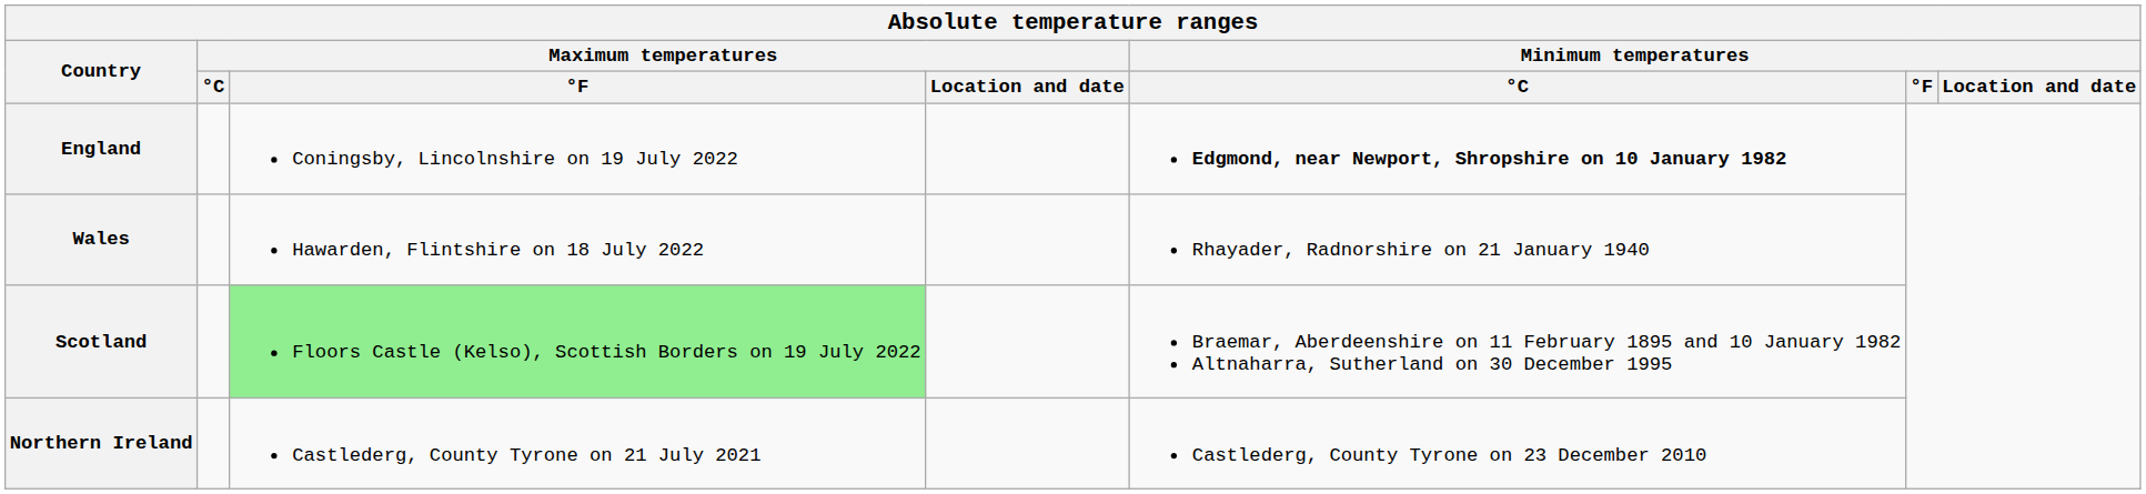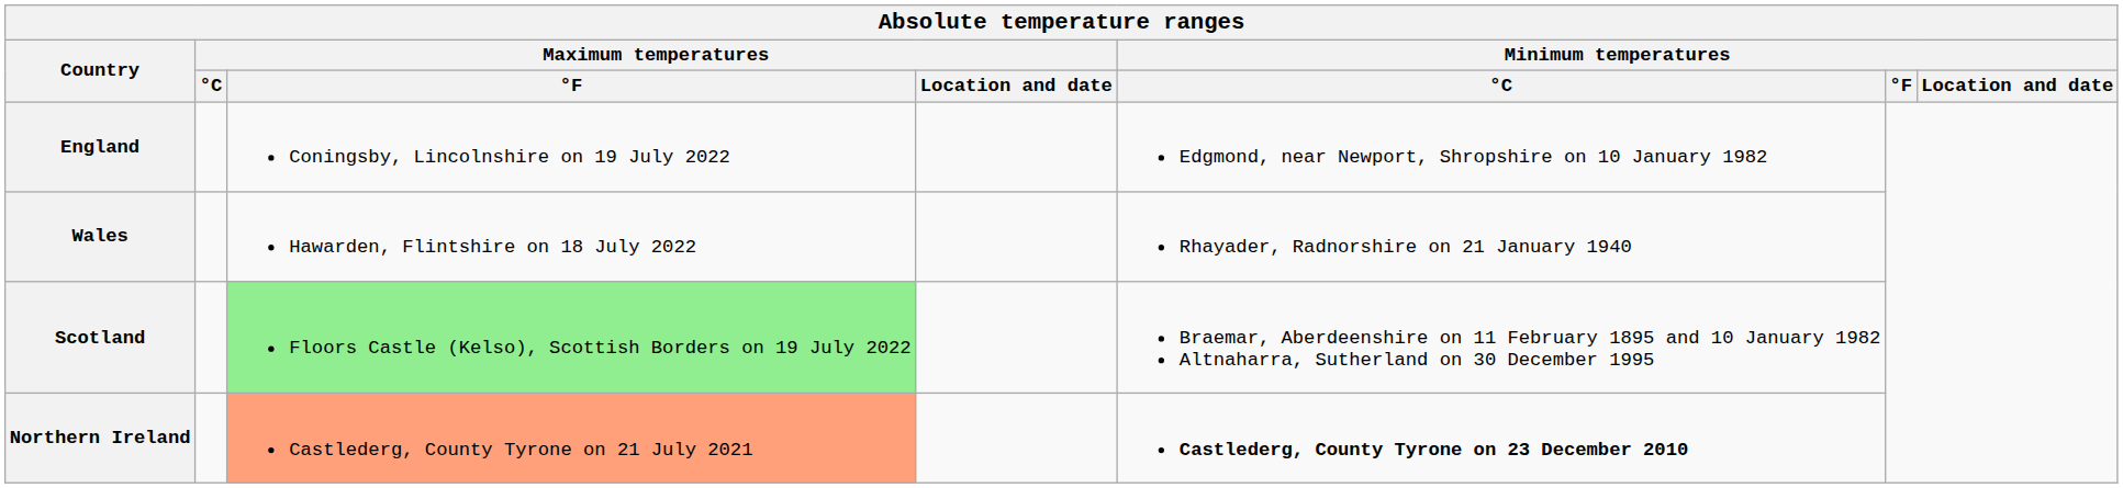 <table class=wikitable>
 <tr>
 <th colspan=7><big>Absolute temperature ranges</big></th>
 </tr>
 <tr>
 <th rowspan=2>Country</th>
 <th colspan=3>Maximum temperatures</th>
 <th colspan=3>Minimum temperatures</th>
 </tr>
 <tr>
 <th>°C</th>
 <th>°F</th>
 <th>Location and date</th>
 <th>°C</th>
 <th>°F</th>
 <th>Location and date</th>
 </tr>
 <tr>
 <th>England</th>
 <td></td>
 <td><br><ul><li>Coningsby, Lincolnshire on 19 July 2022</li></ul></td>
 <td></td>
-<td><strong><br><ul><li>Edgmond, near Newport, Shropshire on 10 January 1982</li></ul></strong></td>
+<td><br><ul><li>Edgmond, near Newport, Shropshire on 10 January 1982</li></ul></td>
 </tr>
 <tr>
 <th>Wales</th>
 <td></td>
 <td><br><ul><li>Hawarden, Flintshire on 18 July 2022</li></ul></td>
 <td></td>
 <td><br><ul><li>Rhayader, Radnorshire on 21 January 1940</li></ul></td>
 </tr>
 <tr>
 <th>Scotland</th>
 <td></td>
 <td style="background: lightgreen;"><br><ul><li>Floors Castle (Kelso), Scottish Borders on 19 July 2022</li></ul></td>
 <td></td>
 <td><br><ul><li>Braemar, Aberdeenshire on 11 February 1895 and 10 January 1982</li><li>Altnaharra, Sutherland on 30 December 1995</li></ul></td>
 </tr>
 <tr>
 <th>Northern Ireland</th>
 <td></td>
-<td><br><ul><li>Castlederg, County Tyrone on 21 July 2021</li></ul></td>
+<td style="background: lightsalmon;"><br><ul><li>Castlederg, County Tyrone on 21 July 2021</li></ul></td>
 <td></td>
-<td><br><ul><li>Castlederg, County Tyrone on 23 December 2010</li></ul></td>
+<td><strong><br><ul><li>Castlederg, County Tyrone on 23 December 2010</li></ul></strong></td>
 </tr>
 </table>
